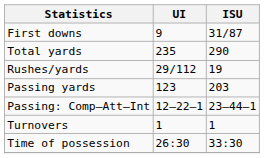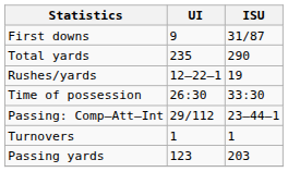 <table class="wikitable" style="float: left;">
 <tr>
 <th>Statistics</th>
 <th>UI</th>
 <th>ISU</th>
 </tr>
 <tr>
 <td>First downs</td>
 <td>9</td>
 <td>31/87</td>
 </tr>
 <tr>
 <td>Total yards</td>
 <td>235</td>
 <td>290</td>
 </tr>
 <tr>
 <td>Rushes/yards</td>
-<td>29/112</td>
+<td>12–22–1</td>
 <td>19</td>
 </tr>
 <tr>
-<td>Passing yards</td>
-<td>123</td>
-<td>203</td>
+<td>Time of possession</td>
+<td>26:30</td>
+<td>33:30</td>
 </tr>
 <tr>
 <td>Passing: Comp–Att–Int</td>
-<td>12–22–1</td>
+<td>29/112</td>
 <td>23–44–1</td>
 </tr>
 <tr>
 <td>Turnovers</td>
 <td>1</td>
 <td>1</td>
 </tr>
 <tr>
-<td>Time of possession</td>
-<td>26:30</td>
-<td>33:30</td>
+<td>Passing yards</td>
+<td>123</td>
+<td>203</td>
 </tr>
 <tr>
 </tr>
 </table>
